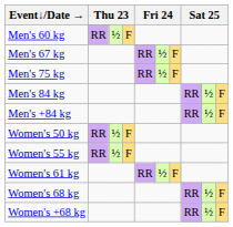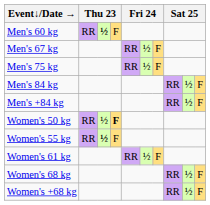 <table class="wikitable" style="margin:0.5em auto; font-size:90%; line-height:1.25em;">
 <tr style="text-align:center;">
 <th>Event↓/Date →</th>
 <th colspan="3">Thu 23</th>
 <th colspan="3">Fri 24</th>
 <th colspan="3">Sat 25</th>
 </tr>
 <tr style="text-align:center;">
 <td style="text-align:left;"><a href='#'>Men's 60 kg</a></td>
 <td style="background-color:#D0A9F5;">RR</td>
-<td style="background-color:#D9FFB2;">½</td>
+<td style="background-color:#D9FFB2;"><strong>½</strong></td>
 <td style="background-color:#FFDF80;">F</td>
 <td colspan="3"></td>
 <td colspan="3"></td>
 </tr>
 <tr style="text-align:center;">
 <td style="text-align:left;"><a href='#'>Men's 67 kg</a></td>
 <td colspan="3"></td>
 <td style="background-color:#D0A9F5;">RR</td>
 <td style="background-color:#D9FFB2;">½</td>
 <td style="background-color:#FFDF80;">F</td>
 <td colspan="3"></td>
 </tr>
 <tr style="text-align:center;">
 <td style="text-align:left;"><a href='#'>Men's 75 kg</a></td>
 <td colspan="3"></td>
 <td style="background-color:#D0A9F5;">RR</td>
 <td style="background-color:#D9FFB2;">½</td>
 <td style="background-color:#FFDF80;">F</td>
 <td colspan="3"></td>
 </tr>
 <tr style="text-align:center;">
 <td style="text-align:left;"><a href='#'>Men's 84 kg</a></td>
 <td colspan="3"></td>
 <td colspan="3"></td>
 <td style="background-color:#D0A9F5;">RR</td>
 <td style="background-color:#D9FFB2;">½</td>
 <td style="background-color:#FFDF80;">F</td>
 </tr>
 <tr style="text-align:center;">
 <td style="text-align:left;"><a href='#'>Men's +84 kg</a></td>
 <td colspan="3"></td>
 <td colspan="3"></td>
 <td style="background-color:#D0A9F5;">RR</td>
 <td style="background-color:#D9FFB2;">½</td>
 <td style="background-color:#FFDF80;">F</td>
 </tr>
 <tr style="text-align:center;">
 <td style="text-align:left;"><a href='#'>Women's 50 kg</a></td>
 <td style="background-color:#D0A9F5;">RR</td>
 <td style="background-color:#D9FFB2;">½</td>
-<td style="background-color:#FFDF80;">F</td>
+<td style="background-color:#FFDF80;"><strong>F</strong></td>
 <td colspan="3"></td>
 <td colspan="3"></td>
 </tr>
 <tr style="text-align:center;">
 <td style="text-align:left;"><a href='#'>Women's 55 kg</a></td>
 <td style="background-color:#D0A9F5;">RR</td>
-<td style="background-color:#D9FFB2;">½</td>
+<td style="background-color:#D9FFB2;"><strong>½</strong></td>
 <td style="background-color:#FFDF80;">F</td>
 <td colspan="3"></td>
 <td colspan="3"></td>
 </tr>
 <tr style="text-align:center;">
 <td style="text-align:left;"><a href='#'>Women's 61 kg</a></td>
 <td colspan="3"></td>
 <td style="background-color:#D0A9F5;">RR</td>
 <td style="background-color:#D9FFB2;">½</td>
 <td style="background-color:#FFDF80;">F</td>
 <td colspan="3"></td>
 </tr>
 <tr style="text-align:center;">
 <td style="text-align:left;"><a href='#'>Women's 68 kg</a></td>
 <td colspan="3"></td>
 <td colspan="3"></td>
 <td style="background-color:#D0A9F5;">RR</td>
 <td style="background-color:#D9FFB2;">½</td>
 <td style="background-color:#FFDF80;">F</td>
 </tr>
 <tr style="text-align:center;">
 <td style="text-align:left;"><a href='#'>Women's +68 kg</a></td>
 <td colspan="3"></td>
 <td colspan="3"></td>
 <td style="background-color:#D0A9F5;">RR</td>
 <td style="background-color:#D9FFB2;">½</td>
 <td style="background-color:#FFDF80;">F</td>
 </tr>
 </table>
